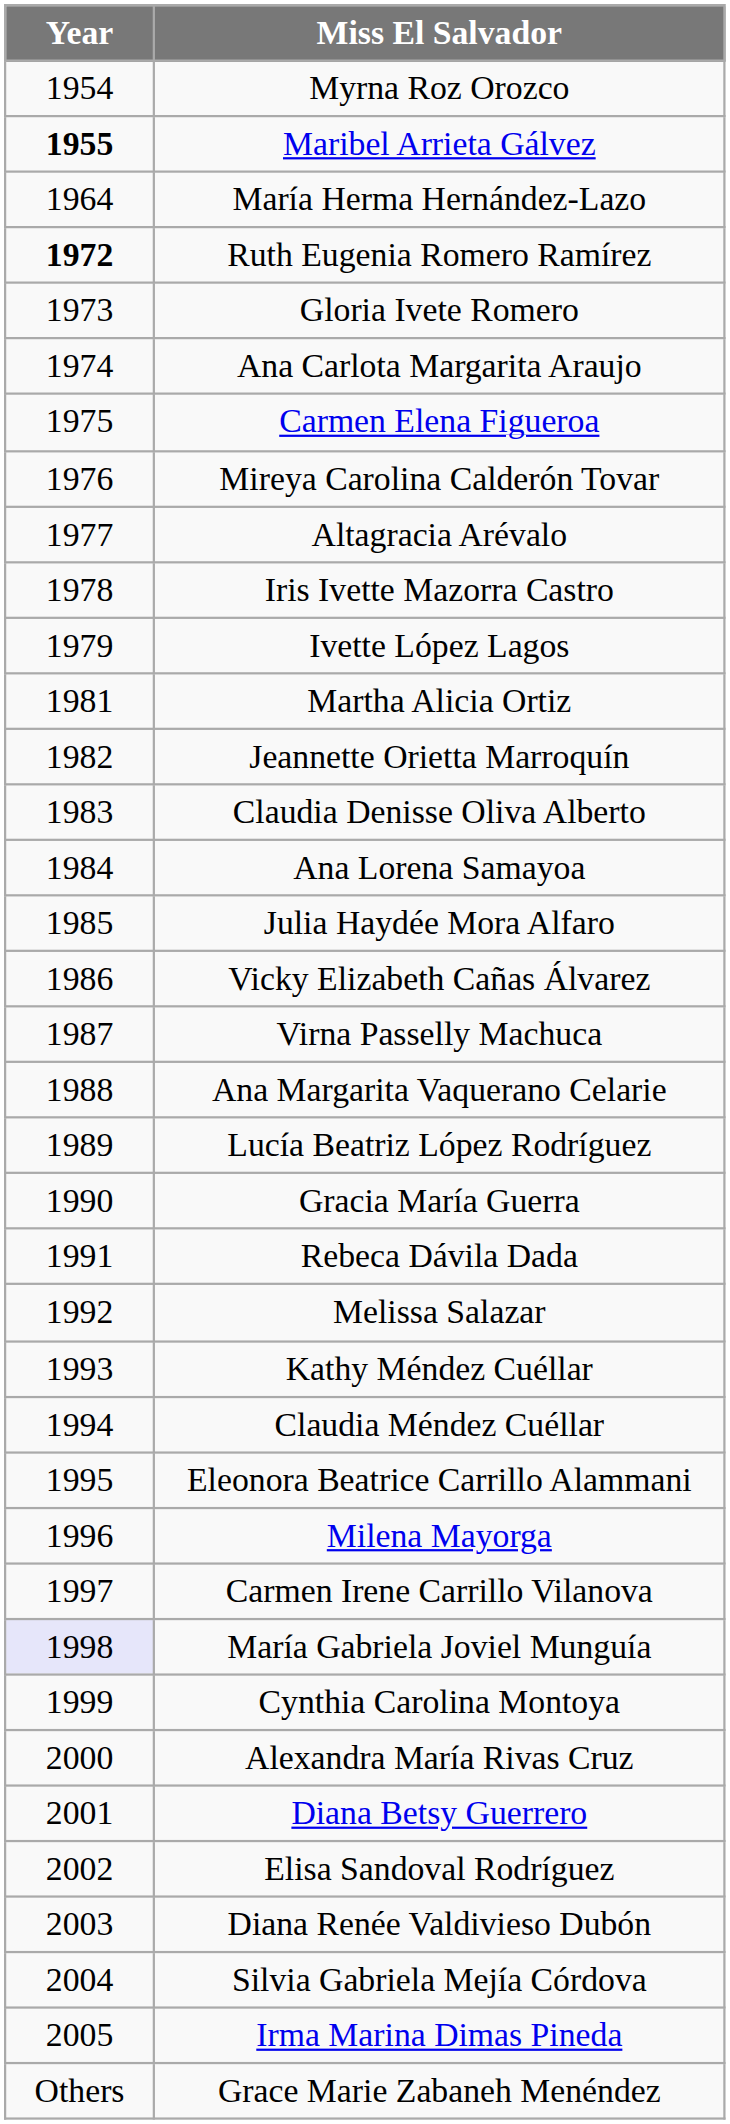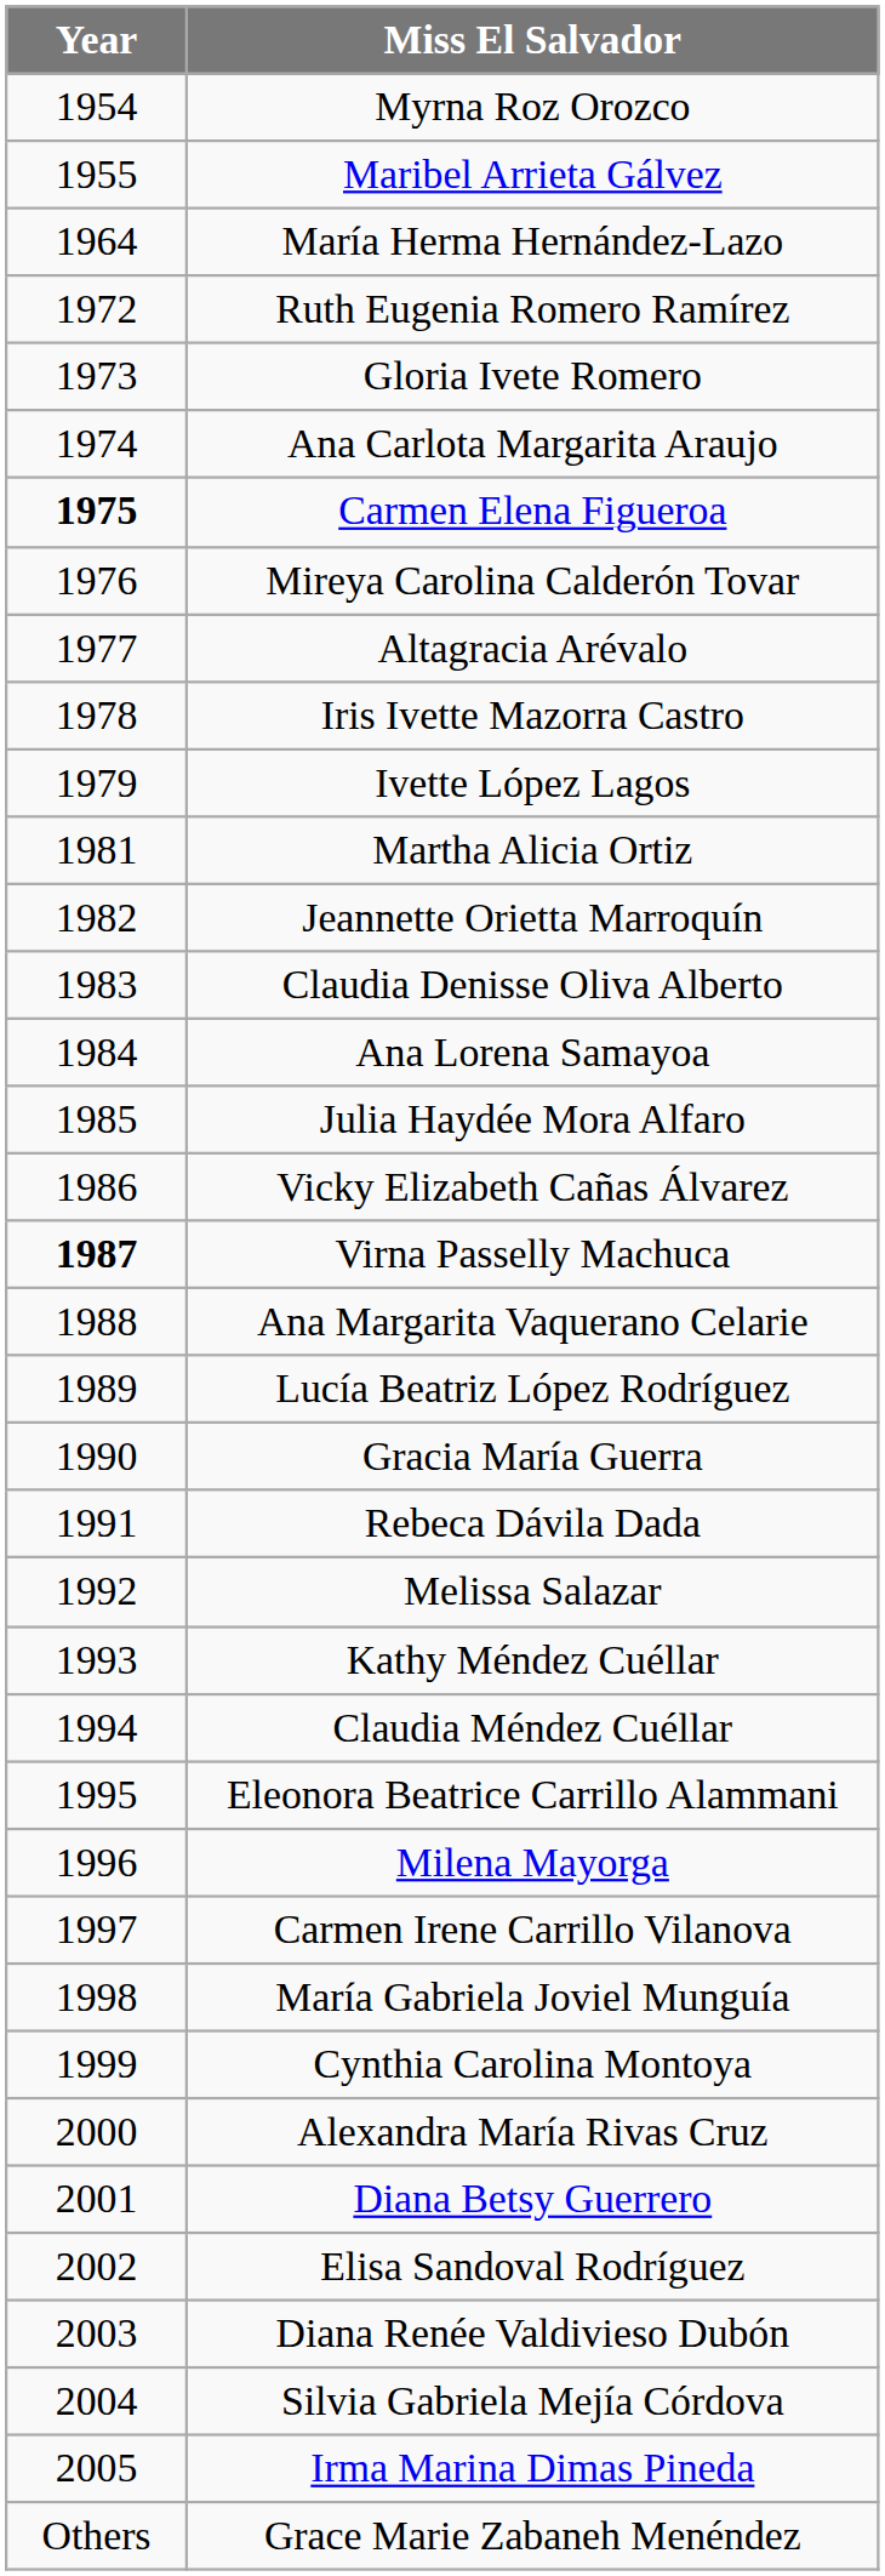 <table class="wikitable sortable" style="font-size: 95%; text-align:center">
 <tr>
 <th width="60" style="background-color:#787878;color:#FFFFFF;">Year</th>
 <th width="250" style="background-color:#787878;color:#FFFFFF;">Miss El Salvador</th>
 </tr>
 <tr>
 <td>1954</td>
 <td>Myrna Roz Orozco</td>
 </tr>
 <tr>
-<td><strong>1955</strong></td>
+<td>1955</td>
 <td><a href='#'>Maribel Arrieta Gálvez</a></td>
 </tr>
 <tr>
 <td>1964</td>
 <td>María Herma Hernández-Lazo</td>
 </tr>
 <tr>
-<td><strong>1972</strong></td>
+<td>1972</td>
 <td>Ruth Eugenia Romero Ramírez</td>
 </tr>
 <tr>
 <td>1973</td>
 <td>Gloria Ivete Romero</td>
 </tr>
 <tr>
 <td>1974</td>
 <td>Ana Carlota Margarita Araujo</td>
 </tr>
 <tr>
-<td>1975</td>
+<td><strong>1975</strong></td>
 <td><a href='#'>Carmen Elena Figueroa</a></td>
 </tr>
 <tr>
 <td>1976</td>
 <td>Mireya Carolina Calderón Tovar</td>
 </tr>
 <tr>
 <td>1977</td>
 <td>Altagracia Arévalo</td>
 </tr>
 <tr>
 <td>1978</td>
 <td>Iris Ivette Mazorra Castro</td>
 </tr>
 <tr>
 <td>1979</td>
 <td>Ivette López Lagos</td>
 </tr>
 <tr>
 <td>1981</td>
 <td>Martha Alicia Ortiz</td>
 </tr>
 <tr>
 <td>1982</td>
 <td>Jeannette Orietta Marroquín</td>
 </tr>
 <tr>
 <td>1983</td>
 <td>Claudia Denisse Oliva Alberto</td>
 </tr>
 <tr>
 <td>1984</td>
 <td>Ana Lorena Samayoa</td>
 </tr>
 <tr>
 <td>1985</td>
 <td>Julia Haydée Mora Alfaro</td>
 </tr>
 <tr>
 <td>1986</td>
 <td>Vicky Elizabeth Cañas Álvarez</td>
 </tr>
 <tr>
-<td>1987</td>
+<td><strong>1987</strong></td>
 <td>Virna Passelly Machuca</td>
 </tr>
 <tr>
 <td>1988</td>
 <td>Ana Margarita Vaquerano Celarie</td>
 </tr>
 <tr>
 <td>1989</td>
 <td>Lucía Beatriz López Rodríguez</td>
 </tr>
 <tr>
 <td>1990</td>
 <td>Gracia María Guerra</td>
 </tr>
 <tr>
 <td>1991</td>
 <td>Rebeca Dávila Dada</td>
 </tr>
 <tr>
 <td>1992</td>
 <td>Melissa Salazar</td>
 </tr>
 <tr>
 <td>1993</td>
 <td>Kathy Méndez Cuéllar</td>
 </tr>
 <tr>
 <td>1994</td>
 <td>Claudia Méndez Cuéllar</td>
 </tr>
 <tr>
 <td>1995</td>
 <td>Eleonora Beatrice Carrillo Alammani</td>
 </tr>
 <tr>
 <td>1996</td>
 <td><a href='#'>Milena Mayorga</a></td>
 </tr>
 <tr>
 <td>1997</td>
 <td>Carmen Irene Carrillo Vilanova</td>
 </tr>
 <tr>
-<td style="background: lavender;">1998</td>
+<td>1998</td>
 <td>María Gabriela Joviel Munguía</td>
 </tr>
 <tr>
 <td>1999</td>
 <td>Cynthia Carolina Montoya</td>
 </tr>
 <tr>
 <td>2000</td>
 <td>Alexandra María Rivas Cruz</td>
 </tr>
 <tr>
 <td>2001</td>
 <td><a href='#'>Diana Betsy Guerrero</a></td>
 </tr>
 <tr>
 <td>2002</td>
 <td>Elisa Sandoval Rodríguez</td>
 </tr>
 <tr>
 <td>2003</td>
 <td>Diana Renée Valdivieso Dubón</td>
 </tr>
 <tr>
 <td>2004</td>
 <td>Silvia Gabriela Mejía Córdova</td>
 </tr>
 <tr>
 <td>2005</td>
 <td><a href='#'>Irma Marina Dimas Pineda</a></td>
 </tr>
 <tr>
 <td>Others</td>
 <td>Grace Marie Zabaneh Menéndez</td>
 </tr>
 </table>
